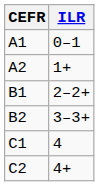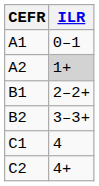 <table class="wikitable">
 <tr>
 <th>CEFR</th>
 <th><a href='#'>ILR</a></th>
 </tr>
 <tr>
 <td>A1</td>
 <td>0–1</td>
 </tr>
 <tr>
 <td>A2</td>
-<td>1+</td>
+<td style="background: lightgrey;">1+</td>
 </tr>
 <tr>
 <td>B1</td>
 <td>2–2+</td>
 </tr>
 <tr>
 <td>B2</td>
 <td>3–3+</td>
 </tr>
 <tr>
 <td>C1</td>
 <td>4</td>
 </tr>
 <tr>
 <td>C2</td>
 <td>4+</td>
 </tr>
 </table>
